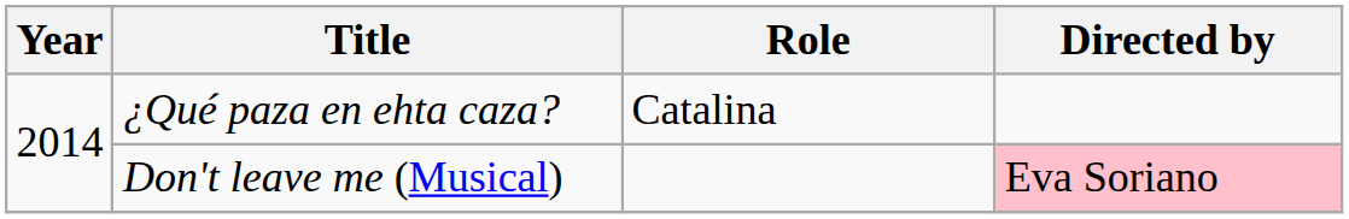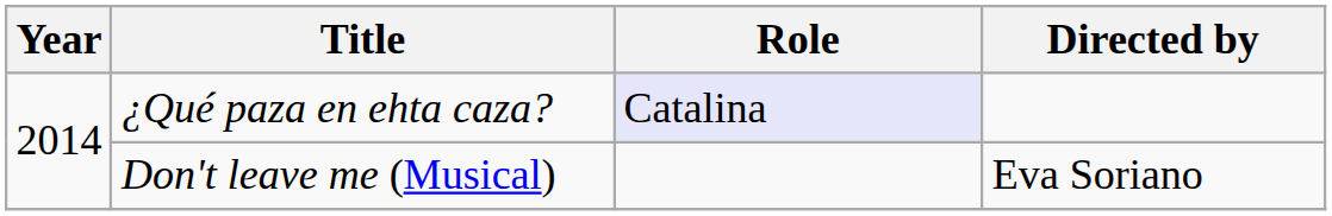 <table class="wikitable">
 <tr>
 <th>Year</th>
 <th width="180 px">Title</th>
 <th width="130 px">Role</th>
 <th width="120 px">Directed by</th>
 </tr>
 <tr>
 <td rowspan="2">2014</td>
 <td><em>¿Qué paza en ehta caza?</em></td>
-<td>Catalina</td>
+<td style="background: lavender;">Catalina</td>
 <td></td>
 </tr>
 <tr>
 <td><em>Don't leave me</em> (<a href='#'>Musical</a>)</td>
 <td></td>
-<td style="background: pink;">Eva Soriano</td>
+<td>Eva Soriano</td>
 </tr>
 <tr>
 </tr>
 </table>
